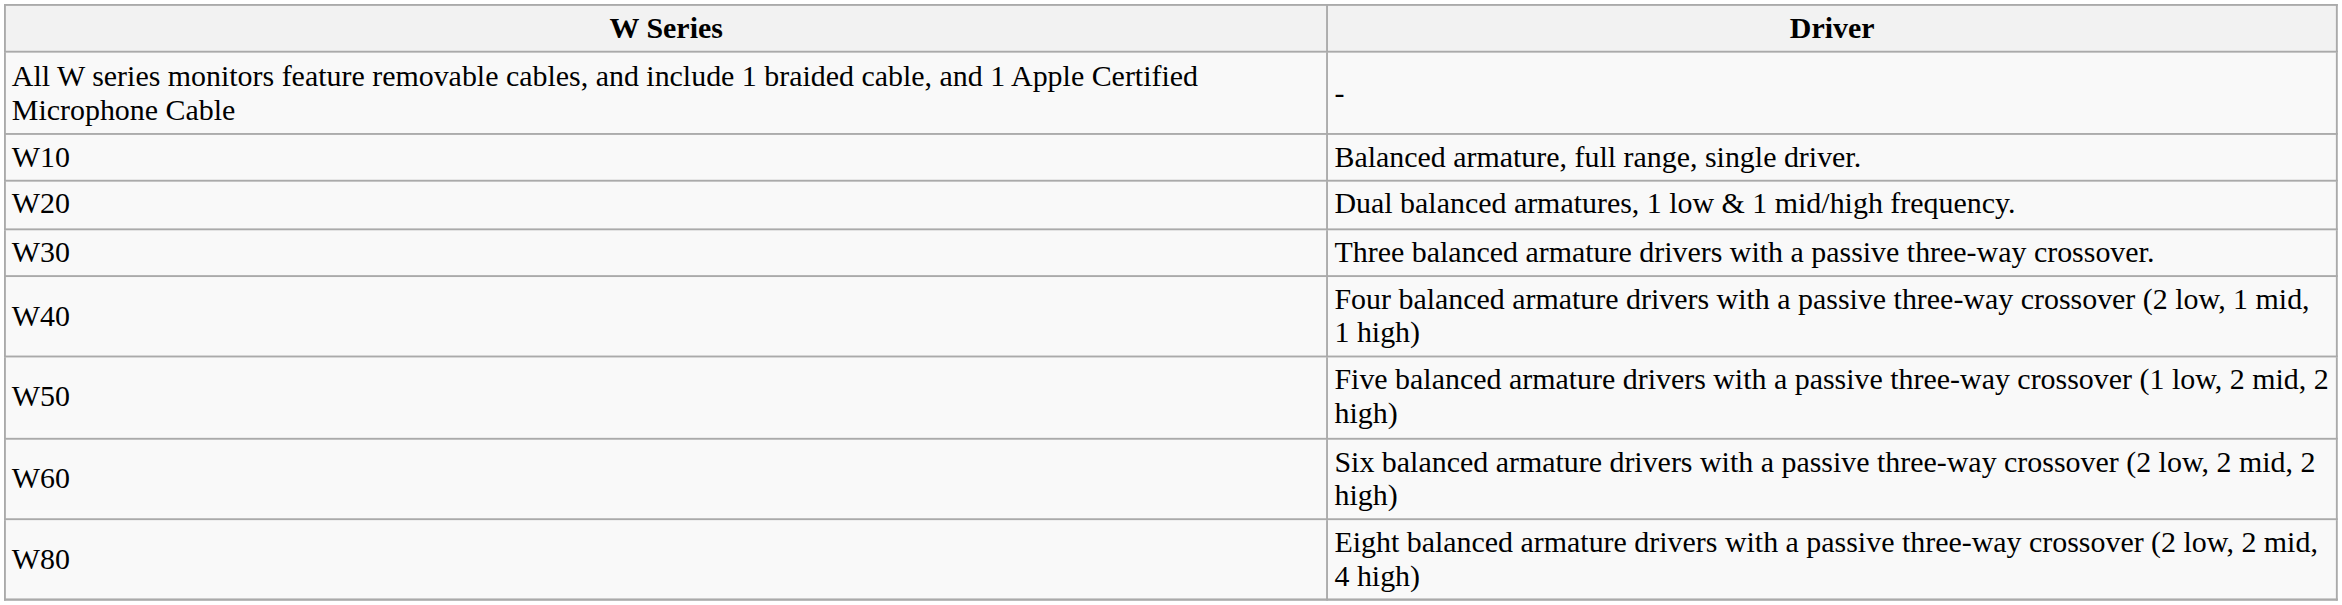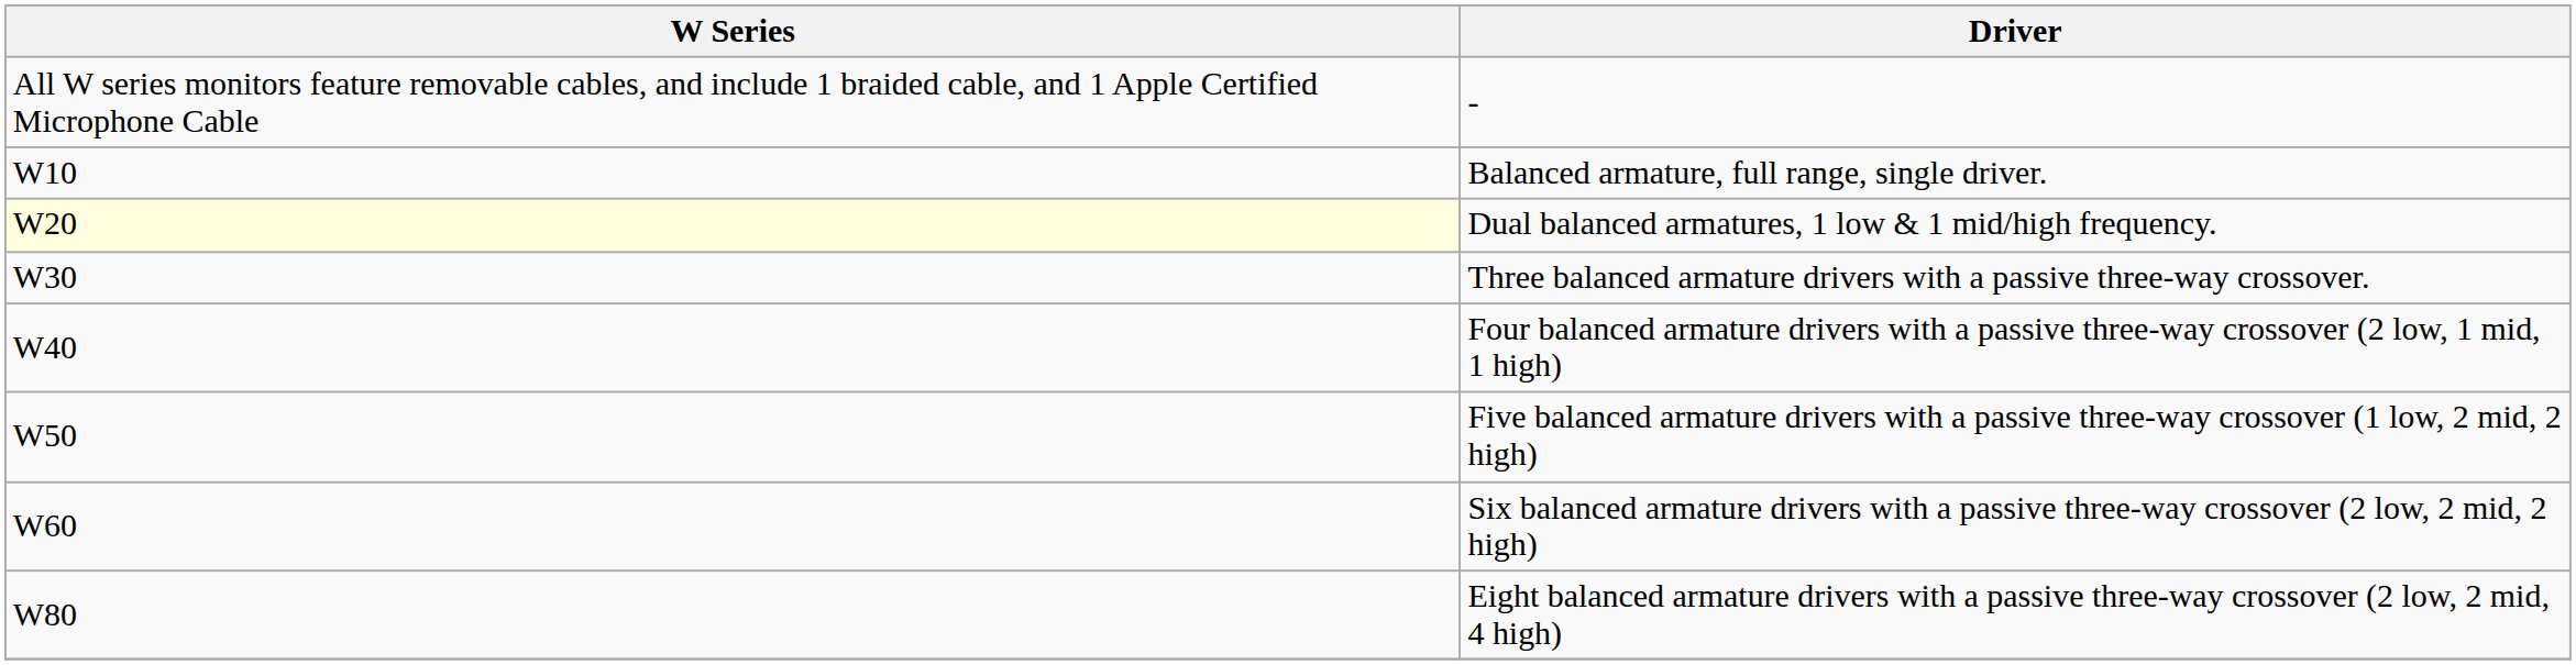 <table class="wikitable" style="margin:left;">
 <tr>
 <th bgcolor="gray"><span>W Series</span></th>
 <th bgcolor="gray"><span>Driver</span></th>
 </tr>
 <tr>
 <td>All W series monitors feature removable cables, and include 1 braided cable, and 1 Apple Certified Microphone Cable</td>
 <td>-</td>
 </tr>
 <tr>
 <td>W10</td>
 <td>Balanced armature, full range, single driver.</td>
 </tr>
 <tr>
-<td>W20</td>
+<td style="background: lightyellow;">W20</td>
 <td>Dual balanced armatures, 1 low & 1 mid/high frequency.</td>
 </tr>
 <tr>
 <td>W30</td>
 <td>Three balanced armature drivers with a passive three-way crossover.</td>
 </tr>
 <tr>
 <td>W40</td>
 <td>Four balanced armature drivers with a passive three-way crossover (2 low, 1 mid, 1 high)</td>
 </tr>
 <tr>
 <td>W50</td>
 <td>Five balanced armature drivers with a passive three-way crossover (1 low, 2 mid, 2 high)</td>
 </tr>
 <tr>
 <td>W60</td>
 <td>Six balanced armature drivers with a passive three-way crossover (2 low, 2 mid, 2 high)</td>
 </tr>
 <tr>
 <td>W80</td>
 <td>Eight balanced armature drivers with a passive three-way crossover (2 low, 2 mid, 4 high)</td>
 </tr>
 <tr>
 </tr>
 </table>
